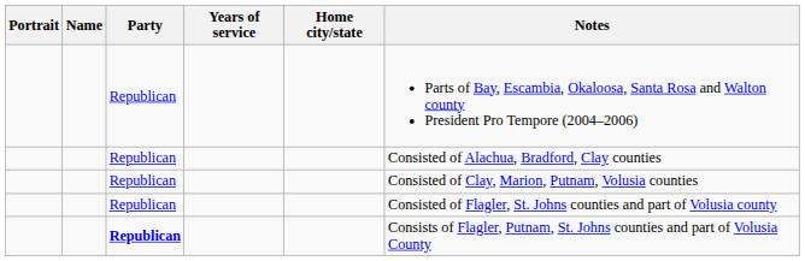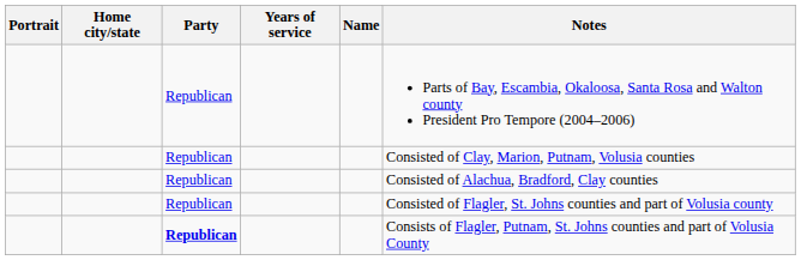 <table class="wikitable sortable">
 <tr>
 <th>Portrait</th>
-<th>Name</th>
+<th>Home city/state</th>
 <th>Party</th>
 <th>Years of service</th>
-<th>Home city/state</th>
+<th>Name</th>
 <th>Notes</th>
 </tr>
 <tr>
 <td></td>
 <td></td>
 <td><a href='#'>Republican</a></td>
 <td></td>
 <td></td>
 <td><br><ul><li>Parts of <a href='#'>Bay</a>, <a href='#'>Escambia</a>, <a href='#'>Okaloosa</a>, <a href='#'>Santa Rosa</a> and <a href='#'>Walton county</a></li><li>President Pro Tempore (2004–2006)</li></ul></td>
 </tr>
 <tr>
 <td></td>
 <td></td>
 <td><a href='#'>Republican</a></td>
 <td></td>
 <td></td>
-<td>Consisted of <a href='#'>Alachua</a>, <a href='#'>Bradford</a>, <a href='#'>Clay</a> counties</td>
+<td>Consisted of <a href='#'>Clay</a>, <a href='#'>Marion</a>, <a href='#'>Putnam</a>, <a href='#'>Volusia</a> counties</td>
 </tr>
 <tr>
 <td></td>
 <td></td>
 <td><a href='#'>Republican</a></td>
 <td></td>
 <td></td>
-<td>Consisted of <a href='#'>Clay</a>, <a href='#'>Marion</a>, <a href='#'>Putnam</a>, <a href='#'>Volusia</a> counties</td>
+<td>Consisted of <a href='#'>Alachua</a>, <a href='#'>Bradford</a>, <a href='#'>Clay</a> counties</td>
 </tr>
 <tr>
 <td></td>
 <td></td>
 <td><a href='#'>Republican</a></td>
 <td></td>
 <td></td>
 <td>Consisted of <a href='#'>Flagler</a>, <a href='#'>St. Johns</a> counties and part of <a href='#'>Volusia county</a></td>
 </tr>
 <tr>
 <td></td>
 <td></td>
 <td><strong><a href='#'>Republican</a></strong></td>
 <td></td>
 <td></td>
 <td>Consists of <a href='#'>Flagler</a>, <a href='#'>Putnam</a>, <a href='#'>St. Johns</a> counties and part of <a href='#'>Volusia County</a></td>
 </tr>
 </table>
